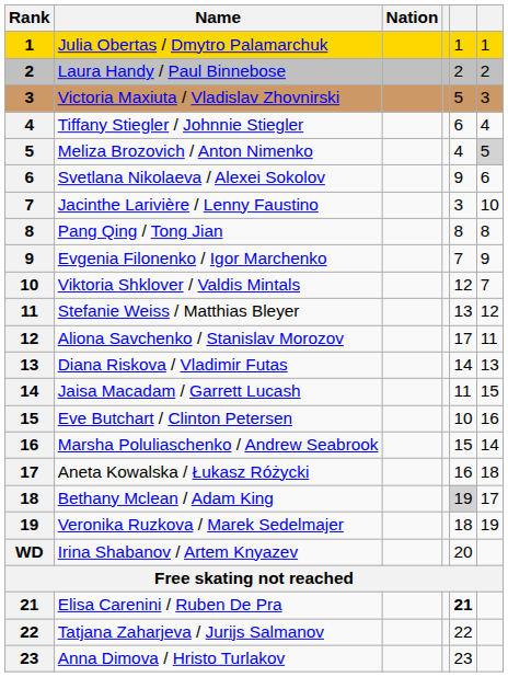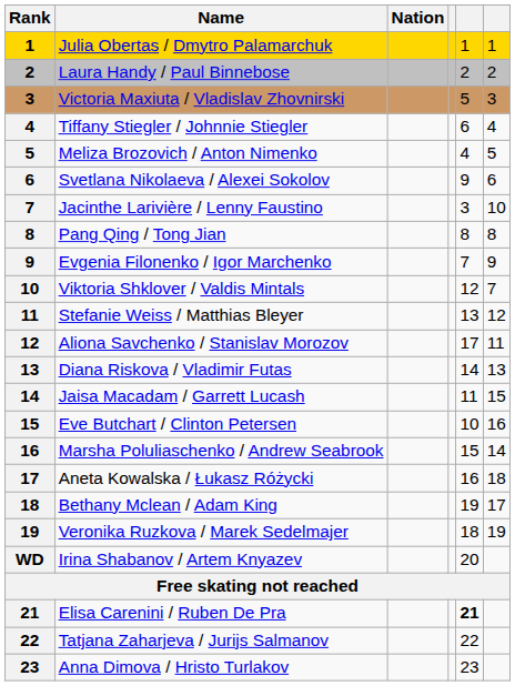 <table class="wikitable sortable">
 <tr>
 <th>Rank</th>
 <th>Name</th>
 <th>Nation</th>
 <th></th>
 <th></th>
 <th></th>
 </tr>
 <tr bgcolor=gold>
 <td align=center><strong>1</strong></td>
 <td><a href='#'>Julia Obertas</a> / <a href='#'>Dmytro Palamarchuk</a></td>
 <td></td>
 <td></td>
 <td>1</td>
 <td>1</td>
 </tr>
 <tr bgcolor=silver>
 <td align=center><strong>2</strong></td>
 <td><a href='#'>Laura Handy</a> / <a href='#'>Paul Binnebose</a></td>
 <td></td>
 <td></td>
 <td>2</td>
 <td>2</td>
 </tr>
 <tr bgcolor=cc9966>
 <td align=center><strong>3</strong></td>
 <td><a href='#'>Victoria Maxiuta</a> / <a href='#'>Vladislav Zhovnirski</a></td>
 <td></td>
 <td></td>
 <td>5</td>
 <td>3</td>
 </tr>
 <tr>
 <th>4</th>
 <td><a href='#'>Tiffany Stiegler</a> / <a href='#'>Johnnie Stiegler</a></td>
 <td></td>
 <td></td>
 <td>6</td>
 <td>4</td>
 </tr>
 <tr>
 <th>5</th>
 <td><a href='#'>Meliza Brozovich</a> / <a href='#'>Anton Nimenko</a></td>
 <td></td>
 <td></td>
 <td>4</td>
-<td style="background: lightgrey;">5</td>
+<td>5</td>
 </tr>
 <tr>
 <th>6</th>
 <td><a href='#'>Svetlana Nikolaeva</a> / <a href='#'>Alexei Sokolov</a></td>
 <td></td>
 <td></td>
 <td>9</td>
 <td>6</td>
 </tr>
 <tr>
 <th>7</th>
 <td><a href='#'>Jacinthe Larivière</a> / <a href='#'>Lenny Faustino</a></td>
 <td></td>
 <td></td>
 <td>3</td>
 <td>10</td>
 </tr>
 <tr>
 <th>8</th>
 <td><a href='#'>Pang Qing</a> / <a href='#'>Tong Jian</a></td>
 <td></td>
 <td></td>
 <td>8</td>
 <td>8</td>
 </tr>
 <tr>
 <th>9</th>
 <td><a href='#'>Evgenia Filonenko</a> / <a href='#'>Igor Marchenko</a></td>
 <td></td>
 <td></td>
 <td>7</td>
 <td>9</td>
 </tr>
 <tr>
 <th>10</th>
 <td><a href='#'>Viktoria Shklover</a> / <a href='#'>Valdis Mintals</a></td>
 <td></td>
 <td></td>
 <td>12</td>
 <td>7</td>
 </tr>
 <tr>
 <th>11</th>
 <td><a href='#'>Stefanie Weiss</a> / Matthias Bleyer</td>
 <td></td>
 <td></td>
 <td>13</td>
 <td>12</td>
 </tr>
 <tr>
 <th>12</th>
 <td><a href='#'>Aliona Savchenko</a> / <a href='#'>Stanislav Morozov</a></td>
 <td></td>
 <td></td>
 <td>17</td>
 <td>11</td>
 </tr>
 <tr>
 <th>13</th>
 <td><a href='#'>Diana Riskova</a> / <a href='#'>Vladimir Futas</a></td>
 <td></td>
 <td></td>
 <td>14</td>
 <td>13</td>
 </tr>
 <tr>
 <th>14</th>
 <td><a href='#'>Jaisa Macadam</a> / <a href='#'>Garrett Lucash</a></td>
 <td></td>
 <td></td>
 <td>11</td>
 <td>15</td>
 </tr>
 <tr>
 <th>15</th>
 <td><a href='#'>Eve Butchart</a> / <a href='#'>Clinton Petersen</a></td>
 <td></td>
 <td></td>
 <td>10</td>
 <td>16</td>
 </tr>
 <tr>
 <th>16</th>
 <td><a href='#'>Marsha Poluliaschenko</a> / <a href='#'>Andrew Seabrook</a></td>
 <td></td>
 <td></td>
 <td>15</td>
 <td>14</td>
 </tr>
 <tr>
 <th>17</th>
 <td>Aneta Kowalska / <a href='#'>Łukasz Różycki</a></td>
 <td></td>
 <td></td>
 <td>16</td>
 <td>18</td>
 </tr>
 <tr>
 <th>18</th>
 <td><a href='#'>Bethany Mclean</a> / <a href='#'>Adam King</a></td>
 <td></td>
 <td></td>
-<td style="background: lightgrey;">19</td>
+<td>19</td>
 <td>17</td>
 </tr>
 <tr>
 <th>19</th>
 <td><a href='#'>Veronika Ruzkova</a> / <a href='#'>Marek Sedelmajer</a></td>
 <td></td>
 <td></td>
 <td>18</td>
 <td>19</td>
 </tr>
 <tr>
 <th>WD</th>
 <td><a href='#'>Irina Shabanov</a> / <a href='#'>Artem Knyazev</a></td>
 <td></td>
 <td></td>
 <td>20</td>
 <td></td>
 </tr>
 <tr>
 <th colspan=8>Free skating not reached</th>
 </tr>
 <tr>
 <th>21</th>
 <td><a href='#'>Elisa Carenini</a> / <a href='#'>Ruben De Pra</a></td>
 <td></td>
 <td></td>
 <td><strong>21</strong></td>
 <td></td>
 </tr>
 <tr>
 <th>22</th>
 <td><a href='#'>Tatjana Zaharjeva</a> / <a href='#'>Jurijs Salmanov</a></td>
 <td></td>
 <td></td>
 <td>22</td>
 <td></td>
 </tr>
 <tr>
 <th>23</th>
 <td><a href='#'>Anna Dimova</a> / <a href='#'>Hristo Turlakov</a></td>
 <td></td>
 <td></td>
 <td>23</td>
 <td></td>
 </tr>
 </table>
